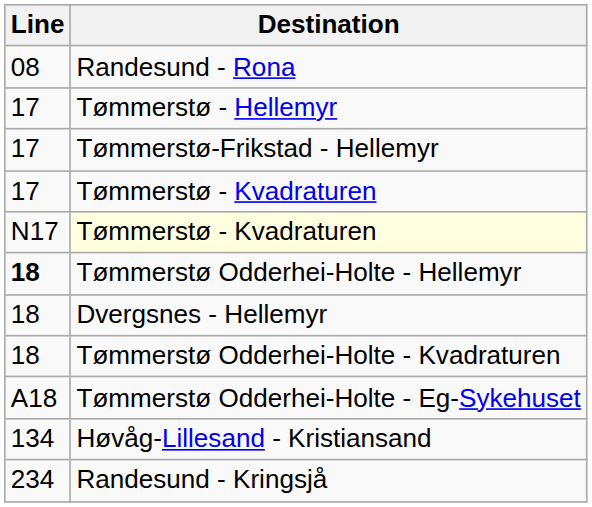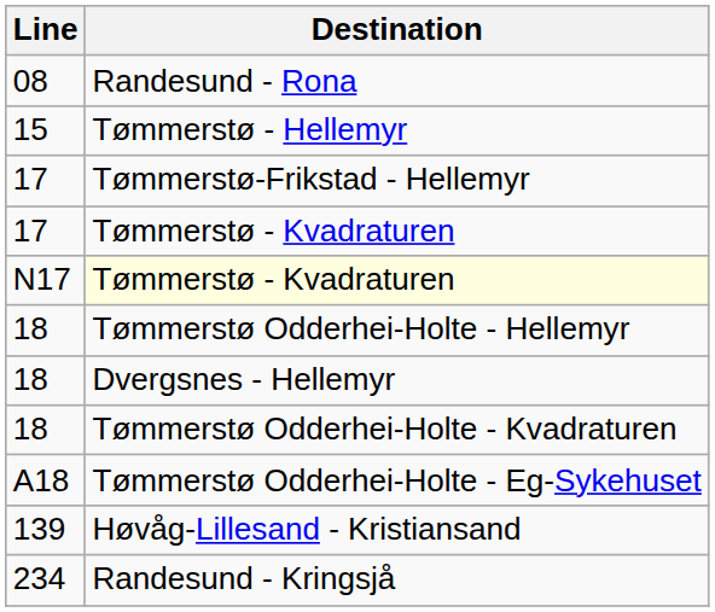 <table class="wikitable sortable">
 <tr>
 <th>Line</th>
 <th>Destination</th>
 </tr>
 <tr>
 <td>08</td>
 <td>Randesund - <a href='#'>Rona</a></td>
 </tr>
 <tr>
-<td>17</td>
+<td>15</td>
 <td>Tømmerstø - <a href='#'>Hellemyr</a></td>
 </tr>
 <tr>
 <td>17</td>
 <td>Tømmerstø-Frikstad - Hellemyr</td>
 </tr>
 <tr>
 <td>17</td>
 <td>Tømmerstø - <a href='#'>Kvadraturen</a></td>
 </tr>
 <tr>
 <td>N17</td>
 <td style="background: lightyellow;">Tømmerstø - Kvadraturen</td>
 </tr>
 <tr>
-<td><strong>18</strong></td>
+<td>18</td>
 <td>Tømmerstø Odderhei-Holte - Hellemyr</td>
 </tr>
 <tr>
 <td>18</td>
 <td>Dvergsnes - Hellemyr</td>
 </tr>
 <tr>
 <td>18</td>
 <td>Tømmerstø Odderhei-Holte - Kvadraturen</td>
 </tr>
 <tr>
 <td>A18</td>
 <td>Tømmerstø Odderhei-Holte - Eg-<a href='#'>Sykehuset</a></td>
 </tr>
 <tr>
-<td>134</td>
+<td>139</td>
 <td>Høvåg-<a href='#'>Lillesand</a> - Kristiansand</td>
 </tr>
 <tr>
 <td>234</td>
 <td>Randesund - Kringsjå</td>
 </tr>
 </table>
